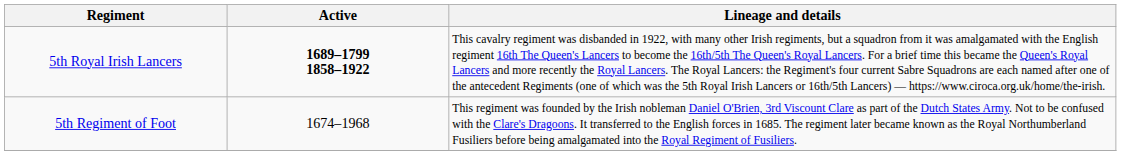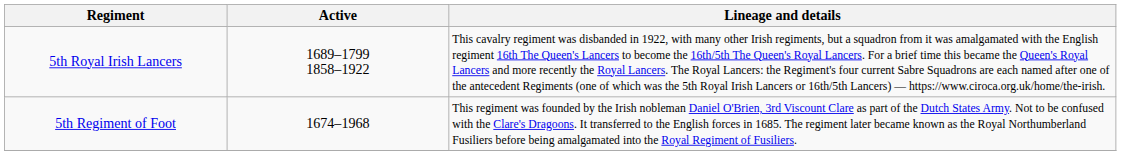 <table style="width:100%;" class="wikitable">
 <tr>
 <th style="width:20%;">Regiment</th>
 <th style="width:20%;">Active</th>
 <th style="width:60%;">Lineage and details</th>
 </tr>
 <tr>
 <td style="text-align:center;"><a href='#'>5th Royal Irish Lancers</a></td>
-<td style="text-align:center;"><strong>1689–1799<br>1858–1922</strong></td>
+<td style="text-align:center;">1689–1799<br>1858–1922</td>
 <td><small>This cavalry regiment was disbanded in 1922, with many other Irish regiments, but a squadron from it was amalgamated with the English regiment <a href='#'>16th The Queen's Lancers</a> to become the <a href='#'>16th/5th The Queen's Royal Lancers</a>. For a brief time this became the <a href='#'>Queen's Royal Lancers</a> and more recently the <a href='#'>Royal Lancers</a>. The Royal Lancers: the Regiment's four current Sabre Squadrons are each named after one of the antecedent Regiments (one of which was the 5th Royal Irish Lancers or 16th/5th Lancers) — https://www.ciroca.org.uk/home/the-irish. </small></td>
 </tr>
 <tr>
 <td style="text-align:center;"><a href='#'>5th Regiment of Foot</a></td>
 <td style="text-align:center;">1674–1968</td>
 <td><small>This regiment was founded by the Irish nobleman <a href='#'>Daniel O'Brien, 3rd Viscount Clare</a> as part of the <a href='#'>Dutch States Army</a>. Not to be confused with the <a href='#'>Clare's Dragoons</a>. It transferred to the English forces in 1685. The regiment later became known as the Royal Northumberland Fusiliers before being amalgamated into the <a href='#'>Royal Regiment of Fusiliers</a>.</small></td>
 </tr>
 <tr>
 </tr>
 </table>
